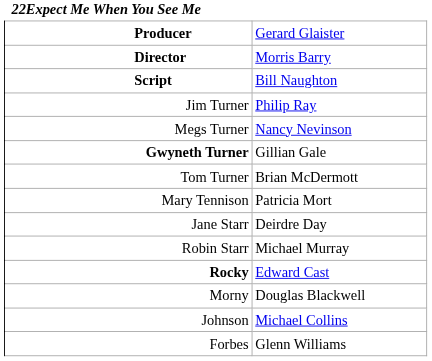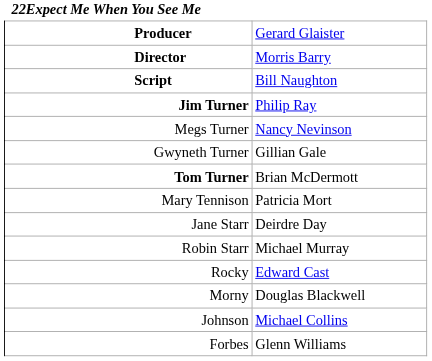 <table class="wikitable mw-collapsible mw-collapsed" style="vertical-align:top;margin:auto 2em;line-height:1.2;min-width:33em;display: inline-table;background-color:inherit;border:none;">
 <tr>
 <td class=unsortable style="border:hidden;line-height:1.67;text-align:center;margin-left:-1em;padding-left:0.5em;min-width:1.0em;"></td>
 <td class=unsortable style="border:none;padding-left:0.5em;text-align:left;min-width:16.5em;font-weight:700;font-style:italic;">22Expect Me When You See Me</td>
 <td class=unsortable style="border:none;text-align:right;font-weight:normal;font-family:Courier;font-size:95%;letter-spacing:-1pt;min-width:8.5em;padding-right:0.2em;"></td>
 <td class=unsortable style="border:hidden;min-width:3.5em;padding-left:0;"></td>
 <td class=unsortable style="border:hidden;min-width:3.5em;font-size:95%;"></td>
 </tr>
 <tr>
 <td rowspan=100 style="border:none thin;border-right-style :solid;"></td>
 </tr>
 <tr>
 <td style="text-align:left;padding-left:9.0em;font-weight:bold;">Producer</td>
 <td colspan=2><a href='#'>Gerard Glaister</a></td>
 </tr>
 <tr>
 <td style="text-align:left;padding-left:9.0em;font-weight:bold;">Director</td>
 <td colspan=2><a href='#'>Morris Barry</a></td>
 </tr>
 <tr>
 <td style="text-align:left;padding-left:9.0em;font-weight:bold;">Script</td>
 <td colspan=2><a href='#'>Bill Naughton</a></td>
 </tr>
 <tr>
-<td style="text-align:right;">Jim Turner</td>
+<td style="text-align:right;"><strong>Jim Turner</strong></td>
 <td colspan=2><a href='#'>Philip Ray</a></td>
 </tr>
 <tr>
 <td style="text-align:right;">Megs Turner</td>
 <td colspan=2><a href='#'>Nancy Nevinson</a></td>
 </tr>
 <tr>
-<td style="text-align:right;"><strong>Gwyneth Turner</strong></td>
+<td style="text-align:right;">Gwyneth Turner</td>
 <td colspan=2>Gillian Gale</td>
 </tr>
 <tr>
-<td style="text-align:right;">Tom Turner</td>
+<td style="text-align:right;"><strong>Tom Turner</strong></td>
 <td colspan=2>Brian McDermott</td>
 </tr>
 <tr>
 <td style="text-align:right;">Mary Tennison</td>
 <td colspan=2>Patricia Mort</td>
 </tr>
 <tr>
 <td style="text-align:right;">Jane Starr</td>
 <td colspan=2>Deirdre Day</td>
 </tr>
 <tr>
 <td style="text-align:right;">Robin Starr</td>
 <td colspan=2>Michael Murray</td>
 </tr>
 <tr>
-<td style="text-align:right;"><strong>Rocky</strong></td>
+<td style="text-align:right;">Rocky</td>
 <td colspan=2><a href='#'>Edward Cast</a></td>
 </tr>
 <tr>
 <td style="text-align:right;">Morny</td>
 <td colspan=2>Douglas Blackwell</td>
 </tr>
 <tr>
 <td style="text-align:right;">Johnson</td>
 <td colspan=2><a href='#'>Michael Collins</a></td>
 </tr>
 <tr>
 <td style="text-align:right;">Forbes</td>
 <td colspan=2>Glenn Williams</td>
 </tr>
 </table>
